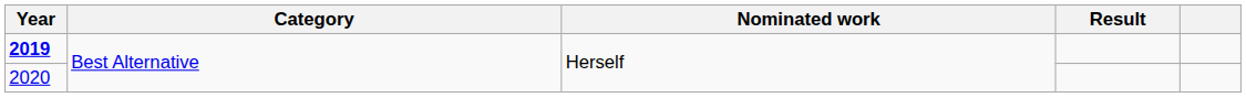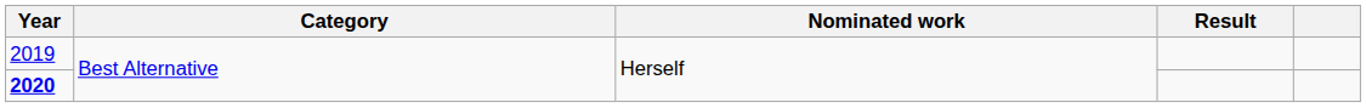 <table class="wikitable" style="width:85%;">
 <tr>
 <th width=5%>Year</th>
 <th style="width:40%;">Category</th>
 <th style="width:40%;">Nominated work</th>
 <th style="width:10%;">Result</th>
 <th width=5%></th>
 </tr>
 <tr>
-<td><strong><a href='#'>2019</a></strong></td>
+<td><a href='#'>2019</a></td>
 <td rowspan="2"><a href='#'>Best Alternative</a></td>
 <td rowspan="2">Herself</td>
 <td></td>
 <td></td>
 </tr>
 <tr>
-<td><a href='#'>2020</a></td>
+<td><strong><a href='#'>2020</a></strong></td>
 <td></td>
 <td></td>
 </tr>
 </table>
